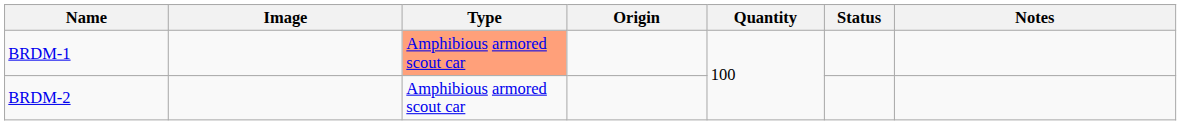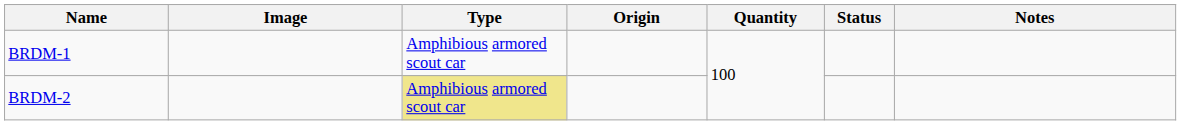 <table class="wikitable" style="width:90%;">
 <tr>
 <th width=14%>Name</th>
 <th width=20%>Image</th>
 <th width=14%>Type</th>
 <th width=12%>Origin</th>
 <th width=10%>Quantity</th>
 <th width=06%>Status</th>
 <th width=24%>Notes</th>
 </tr>
 <tr>
 <td><a href='#'>BRDM-1</a></td>
 <td></td>
-<td style="background: lightsalmon;"><a href='#'>Amphibious</a> <a href='#'>armored scout car</a></td>
+<td><a href='#'>Amphibious</a> <a href='#'>armored scout car</a></td>
 <td></td>
 <td rowspan="2">100</td>
 <td></td>
 <td></td>
 </tr>
 <tr>
 <td><a href='#'>BRDM-2</a></td>
 <td></td>
-<td><a href='#'>Amphibious</a> <a href='#'>armored scout car</a></td>
+<td style="background: khaki;"><a href='#'>Amphibious</a> <a href='#'>armored scout car</a></td>
 <td></td>
 <td></td>
 <td></td>
 </tr>
 </table>
